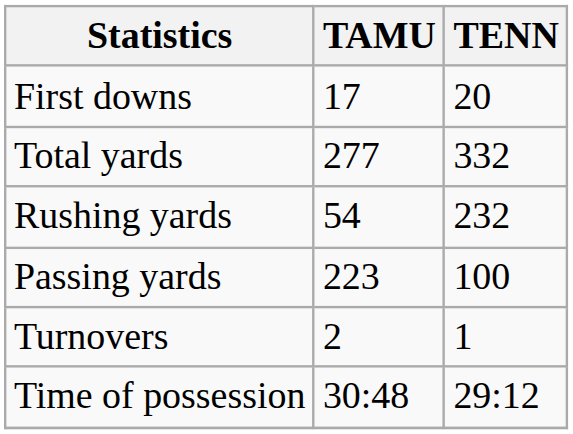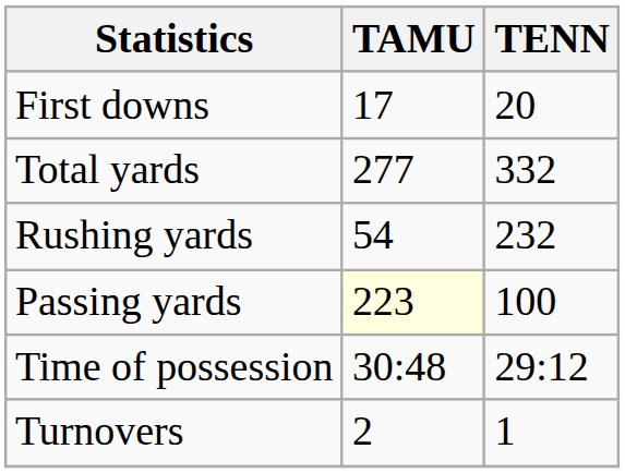 <table class="wikitable" style="float: left;">
 <tr>
 <th>Statistics</th>
 <th>TAMU</th>
 <th>TENN</th>
 </tr>
 <tr>
 <td>First downs</td>
 <td>17</td>
 <td>20</td>
 </tr>
 <tr>
 <td>Total yards</td>
 <td>277</td>
 <td>332</td>
 </tr>
 <tr>
 <td>Rushing yards</td>
 <td>54</td>
 <td>232</td>
 </tr>
 <tr>
 <td>Passing yards</td>
-<td>223</td>
+<td style="background: lightyellow;">223</td>
 <td>100</td>
+</tr>
+<tr>
+<td>Time of possession</td>
+<td>30:48</td>
+<td>29:12</td>
 </tr>
 <tr>
 <td>Turnovers</td>
 <td>2</td>
 <td>1</td>
 </tr>
 <tr>
-<td>Time of possession</td>
-<td>30:48</td>
-<td>29:12</td>
-</tr>
-<tr>
 </tr>
 </table>
